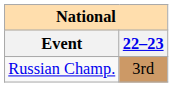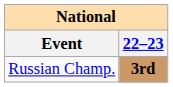 <table class="wikitable" style="text-align:center">
 <tr>
 <th style="background-color: #ffdead; " colspan=2 align=center>National</th>
 </tr>
 <tr>
 <th>Event</th>
 <th><a href='#'>22–23</a></th>
 </tr>
 <tr>
 <td align=left><a href='#'>Russian Champ.</a></td>
-<td bgcolor=cc9966>3rd</td>
+<td bgcolor=cc9966><strong>3rd</strong></td>
 </tr>
 </table>
